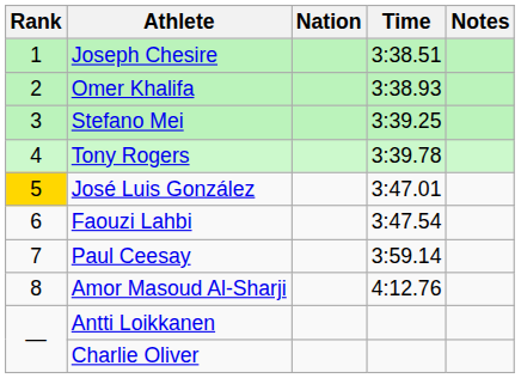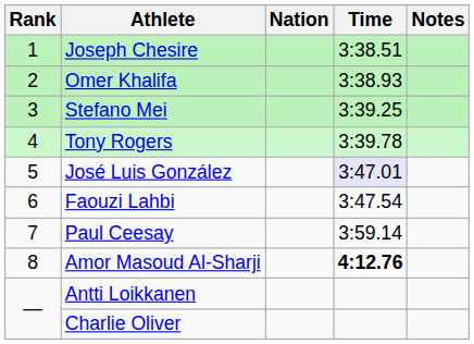 <table class="wikitable sortable" style="text-align:center">
 <tr>
 <th>Rank</th>
 <th>Athlete</th>
 <th>Nation</th>
 <th>Time</th>
 <th>Notes</th>
 </tr>
 <tr style="background:#bbf3bb;">
 <td>1</td>
 <td align=left><a href='#'>Joseph Chesire</a></td>
 <td align=left></td>
 <td>3:38.51</td>
 <td></td>
 </tr>
 <tr style="background:#bbf3bb;">
 <td>2</td>
 <td align=left><a href='#'>Omer Khalifa</a></td>
 <td align=left></td>
 <td>3:38.93</td>
 <td></td>
 </tr>
 <tr style="background:#bbf3bb;">
 <td>3</td>
 <td align=left><a href='#'>Stefano Mei</a></td>
 <td align=left></td>
 <td>3:39.25</td>
 <td></td>
 </tr>
 <tr style="background:#ccf9cc;">
 <td>4</td>
 <td align=left><a href='#'>Tony Rogers</a></td>
 <td align=left></td>
 <td>3:39.78</td>
 <td></td>
 </tr>
 <tr>
-<td style="background: gold;">5</td>
+<td>5</td>
 <td align=left><a href='#'>José Luis González</a></td>
 <td align=left></td>
-<td>3:47.01</td>
+<td style="background: lavender;">3:47.01</td>
 <td></td>
 </tr>
 <tr>
 <td>6</td>
 <td align=left><a href='#'>Faouzi Lahbi</a></td>
 <td align=left></td>
 <td>3:47.54</td>
 <td></td>
 </tr>
 <tr>
 <td>7</td>
 <td align=left><a href='#'>Paul Ceesay</a></td>
 <td align=left></td>
 <td>3:59.14</td>
 <td></td>
 </tr>
 <tr>
 <td>8</td>
 <td align=left><a href='#'>Amor Masoud Al-Sharji</a></td>
 <td align=left></td>
-<td>4:12.76</td>
+<td><strong>4:12.76</strong></td>
 <td></td>
 </tr>
 <tr>
 <td rowspan=2 data-sort-value=9>—</td>
 <td align=left><a href='#'>Antti Loikkanen</a></td>
 <td align=left></td>
 <td></td>
 <td></td>
 </tr>
 <tr>
 <td align=left><a href='#'>Charlie Oliver</a></td>
 <td align=left></td>
 <td></td>
 <td></td>
 </tr>
 </table>
